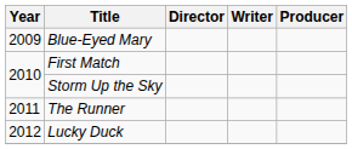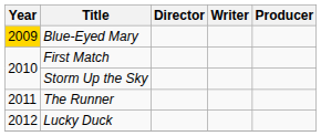 <table class="wikitable">
 <tr>
 <th>Year</th>
 <th>Title</th>
 <th>Director</th>
 <th>Writer</th>
 <th>Producer</th>
 </tr>
 <tr>
-<td>2009</td>
+<td style="background: gold;">2009</td>
 <td><em>Blue-Eyed Mary</em></td>
 <td></td>
 <td></td>
 <td></td>
 </tr>
 <tr>
 <td rowspan=2>2010</td>
 <td><em>First Match</em></td>
 <td></td>
 <td></td>
 <td></td>
 </tr>
 <tr>
 <td><em>Storm Up the Sky</em></td>
 <td></td>
 <td></td>
 <td></td>
 </tr>
 <tr>
 <td>2011</td>
 <td><em>The Runner</em></td>
 <td></td>
 <td></td>
 <td></td>
 </tr>
 <tr>
 <td>2012</td>
 <td><em>Lucky Duck</em></td>
 <td></td>
 <td></td>
 <td></td>
 </tr>
 <tr>
 </tr>
 </table>
